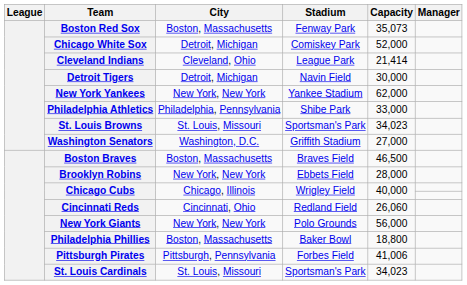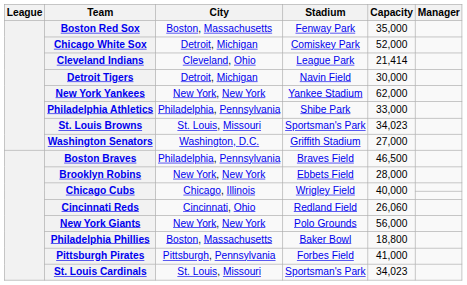 <table class="wikitable sortable plainrowheaders" style="text-align:center;">
 <tr>
 <th scope="col">League</th>
 <th scope="col">Team</th>
 <th scope="col">City</th>
 <th scope="col">Stadium</th>
 <th scope="col">Capacity</th>
 <th scope="col">Manager</th>
 </tr>
 <tr>
 <th rowspan="8"></th>
 <th scope="row"><a href='#'>Boston Red Sox</a></th>
 <td><a href='#'>Boston</a>, <a href='#'>Massachusetts</a></td>
 <td><a href='#'>Fenway Park</a></td>
-<td>35,073</td>
+<td>35,000</td>
 <td></td>
 </tr>
 <tr>
 <th scope="row"><a href='#'>Chicago White Sox</a></th>
 <td><a href='#'>Detroit</a>, <a href='#'>Michigan</a></td>
 <td><a href='#'>Comiskey Park</a></td>
 <td>52,000</td>
 <td></td>
 </tr>
 <tr>
 <th scope="row"><a href='#'>Cleveland Indians</a></th>
 <td><a href='#'>Cleveland</a>, <a href='#'>Ohio</a></td>
 <td><a href='#'>League Park</a></td>
 <td>21,414</td>
 <td></td>
 </tr>
 <tr>
 <th scope="row"><a href='#'>Detroit Tigers</a></th>
 <td><a href='#'>Detroit</a>, <a href='#'>Michigan</a></td>
 <td><a href='#'>Navin Field</a></td>
 <td>30,000</td>
 <td></td>
 </tr>
 <tr>
 <th scope="row"><a href='#'>New York Yankees</a></th>
 <td><a href='#'>New York</a>, <a href='#'>New York</a></td>
 <td><a href='#'>Yankee Stadium</a></td>
 <td>62,000</td>
 <td></td>
 </tr>
 <tr>
 <th scope="row"><a href='#'>Philadelphia Athletics</a></th>
 <td><a href='#'>Philadelphia</a>, <a href='#'>Pennsylvania</a></td>
 <td><a href='#'>Shibe Park</a></td>
 <td>33,000</td>
 <td></td>
 </tr>
 <tr>
 <th scope="row"><a href='#'>St. Louis Browns</a></th>
 <td><a href='#'>St. Louis</a>, <a href='#'>Missouri</a></td>
 <td><a href='#'>Sportsman's Park</a></td>
 <td>34,023</td>
 <td></td>
 </tr>
 <tr>
 <th scope="row"><a href='#'>Washington Senators</a></th>
 <td><a href='#'>Washington, D.C.</a></td>
 <td><a href='#'>Griffith Stadium</a></td>
 <td>27,000</td>
 <td></td>
 </tr>
 <tr>
 <th rowspan="9"></th>
 <th scope="row"><a href='#'>Boston Braves</a></th>
-<td><a href='#'>Boston</a>, <a href='#'>Massachusetts</a></td>
+<td><a href='#'>Philadelphia</a>, <a href='#'>Pennsylvania</a></td>
 <td><a href='#'>Braves Field</a></td>
 <td>46,500</td>
 <td></td>
 </tr>
 <tr>
 <th scope="row"><a href='#'>Brooklyn Robins</a></th>
 <td><a href='#'>New York</a>, <a href='#'>New York</a></td>
 <td><a href='#'>Ebbets Field</a></td>
 <td>28,000</td>
 <td></td>
 </tr>
 <tr>
 <th rowspan="2" scope="row"><a href='#'>Chicago Cubs</a></th>
 <td rowspan="2"><a href='#'>Chicago</a>, <a href='#'>Illinois</a></td>
 <td rowspan="2"><a href='#'>Wrigley Field</a></td>
 <td rowspan="2">40,000</td>
 <td></td>
 </tr>
 <tr>
 <td></td>
 </tr>
 <tr>
 <th scope="row"><a href='#'>Cincinnati Reds</a></th>
 <td><a href='#'>Cincinnati</a>, <a href='#'>Ohio</a></td>
 <td><a href='#'>Redland Field</a></td>
 <td>26,060</td>
 <td></td>
 </tr>
 <tr>
 <th scope="row"><a href='#'>New York Giants</a></th>
 <td><a href='#'>New York</a>, <a href='#'>New York</a></td>
 <td><a href='#'>Polo Grounds</a></td>
 <td>56,000</td>
 <td></td>
 </tr>
 <tr>
 <th scope="row"><a href='#'>Philadelphia Phillies</a></th>
 <td><a href='#'>Boston</a>, <a href='#'>Massachusetts</a></td>
 <td><a href='#'>Baker Bowl</a></td>
 <td>18,800</td>
 <td></td>
 </tr>
 <tr>
 <th scope="row"><a href='#'>Pittsburgh Pirates</a></th>
 <td><a href='#'>Pittsburgh</a>, <a href='#'>Pennsylvania</a></td>
 <td><a href='#'>Forbes Field</a></td>
-<td>41,006</td>
+<td>41,000</td>
 <td></td>
 </tr>
 <tr>
 <th scope="row"><a href='#'>St. Louis Cardinals</a></th>
 <td><a href='#'>St. Louis</a>, <a href='#'>Missouri</a></td>
 <td><a href='#'>Sportsman's Park</a></td>
 <td>34,023</td>
 <td></td>
 </tr>
 </table>
